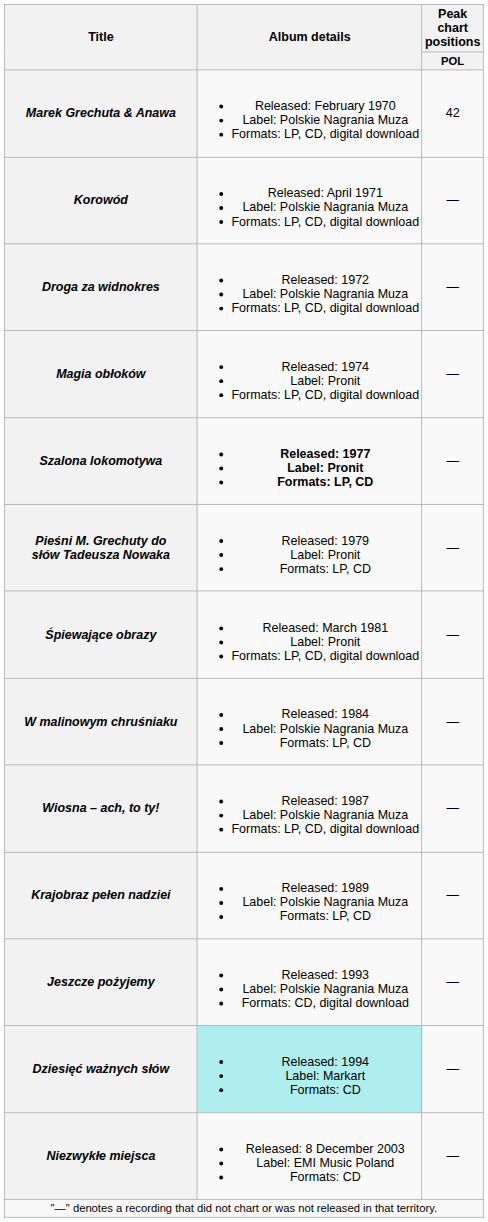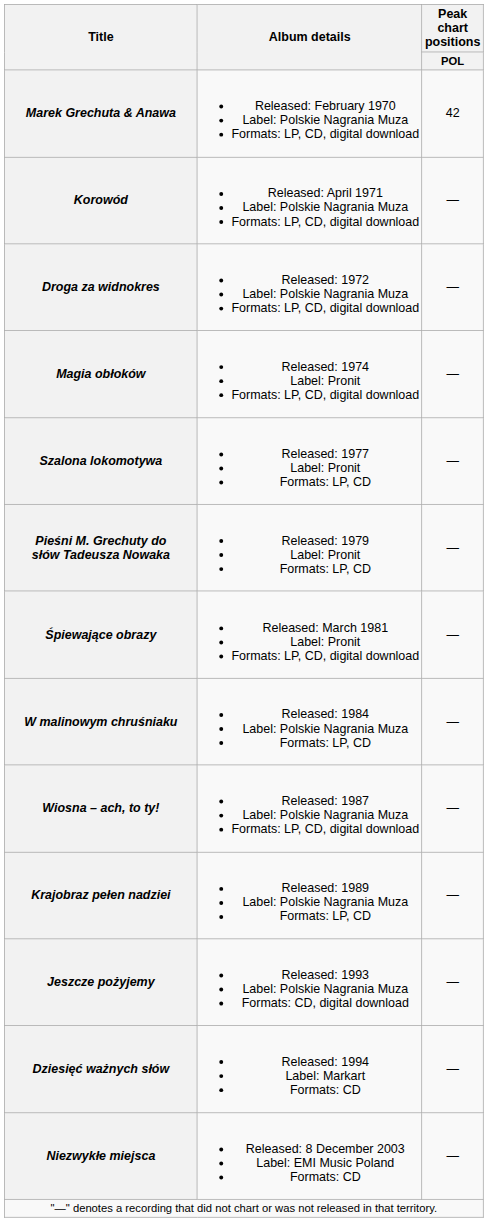 <table class="wikitable plainrowheaders" style="text-align:center;">
 <tr>
 <th scope="col" rowspan="2" style="width:15em;">Title</th>
 <th scope="col" rowspan="2">Album details</th>
 <th scope="col">Peak chart positions</th>
 </tr>
 <tr>
 <th scope="col" style="width:3em;font-size:90%;">POL<br></th>
 </tr>
 <tr>
 <th scope="row"><em>Marek Grechuta & Anawa</em></th>
 <td><br><ul><li>Released: February 1970</li><li>Label: Polskie Nagrania Muza</li><li>Formats: LP, CD, digital download</li></ul></td>
 <td>42</td>
 </tr>
 <tr>
 <th scope="row"><em>Korowód</em></th>
 <td><br><ul><li>Released: April 1971</li><li>Label: Polskie Nagrania Muza</li><li>Formats: LP, CD, digital download</li></ul></td>
 <td>—</td>
 </tr>
 <tr>
 <th scope="row"><em>Droga za widnokres</em></th>
 <td><br><ul><li>Released: 1972</li><li>Label: Polskie Nagrania Muza</li><li>Formats: LP, CD, digital download</li></ul></td>
 <td>—</td>
 </tr>
 <tr>
 <th scope="row"><em>Magia obłoków</em></th>
 <td><br><ul><li>Released: 1974</li><li>Label: Pronit</li><li>Formats: LP, CD, digital download</li></ul></td>
 <td>—</td>
 </tr>
 <tr>
 <th scope="row"><em>Szalona lokomotywa</em></th>
-<td><strong><br><ul><li>Released: 1977</li><li>Label: Pronit</li><li>Formats: LP, CD</li></ul></strong></td>
+<td><br><ul><li>Released: 1977</li><li>Label: Pronit</li><li>Formats: LP, CD</li></ul></td>
 <td>—</td>
 </tr>
 <tr>
 <th scope="row"><em>Pieśni M. Grechuty do<br>słów Tadeusza Nowaka</em></th>
 <td><br><ul><li>Released: 1979</li><li>Label: Pronit</li><li>Formats: LP, CD</li></ul></td>
 <td>—</td>
 </tr>
 <tr>
 <th scope="row"><em>Śpiewające obrazy</em></th>
 <td><br><ul><li>Released: March 1981</li><li>Label: Pronit</li><li>Formats: LP, CD, digital download</li></ul></td>
 <td>—</td>
 </tr>
 <tr>
 <th scope="row"><em>W malinowym chruśniaku</em></th>
 <td><br><ul><li>Released: 1984</li><li>Label: Polskie Nagrania Muza</li><li>Formats: LP, CD</li></ul></td>
 <td>—</td>
 </tr>
 <tr>
 <th scope="row"><em>Wiosna – ach, to ty!</em></th>
 <td><br><ul><li>Released: 1987</li><li>Label: Polskie Nagrania Muza</li><li>Formats: LP, CD, digital download</li></ul></td>
 <td>—</td>
 </tr>
 <tr>
 <th scope="row"><em>Krajobraz pełen nadziei</em></th>
 <td><br><ul><li>Released: 1989</li><li>Label: Polskie Nagrania Muza</li><li>Formats: LP, CD</li></ul></td>
 <td>—</td>
 </tr>
 <tr>
 <th scope="row"><em>Jeszcze pożyjemy</em></th>
 <td><br><ul><li>Released: 1993</li><li>Label: Polskie Nagrania Muza</li><li>Formats: CD, digital download</li></ul></td>
 <td>—</td>
 </tr>
 <tr>
 <th scope="row"><em>Dziesięć ważnych słów</em></th>
-<td style="background: paleturquoise;"><br><ul><li>Released: 1994</li><li>Label: Markart</li><li>Formats: CD</li></ul></td>
+<td><br><ul><li>Released: 1994</li><li>Label: Markart</li><li>Formats: CD</li></ul></td>
 <td>—</td>
 </tr>
 <tr>
 <th scope="row"><em>Niezwykłe miejsca</em></th>
 <td><br><ul><li>Released: 8 December 2003</li><li>Label: EMI Music Poland</li><li>Formats: CD</li></ul></td>
 <td>—</td>
 </tr>
 <tr>
 <td colspan="20" style="font-size:90%">"—" denotes a recording that did not chart or was not released in that territory.</td>
 </tr>
 </table>
